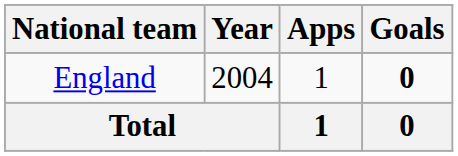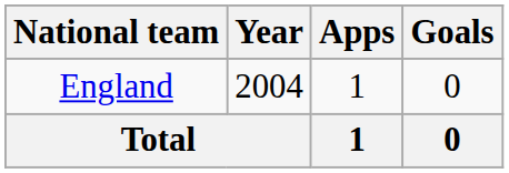 <table class=wikitable style="text-align: center;">
 <tr>
 <th>National team</th>
 <th>Year</th>
 <th>Apps</th>
 <th>Goals</th>
 </tr>
 <tr>
 <td><a href='#'>England</a></td>
 <td>2004</td>
 <td>1</td>
-<td><strong>0</strong></td>
+<td>0</td>
 </tr>
 <tr>
 <th colspan=2>Total</th>
 <th>1</th>
 <th>0</th>
 </tr>
 </table>
